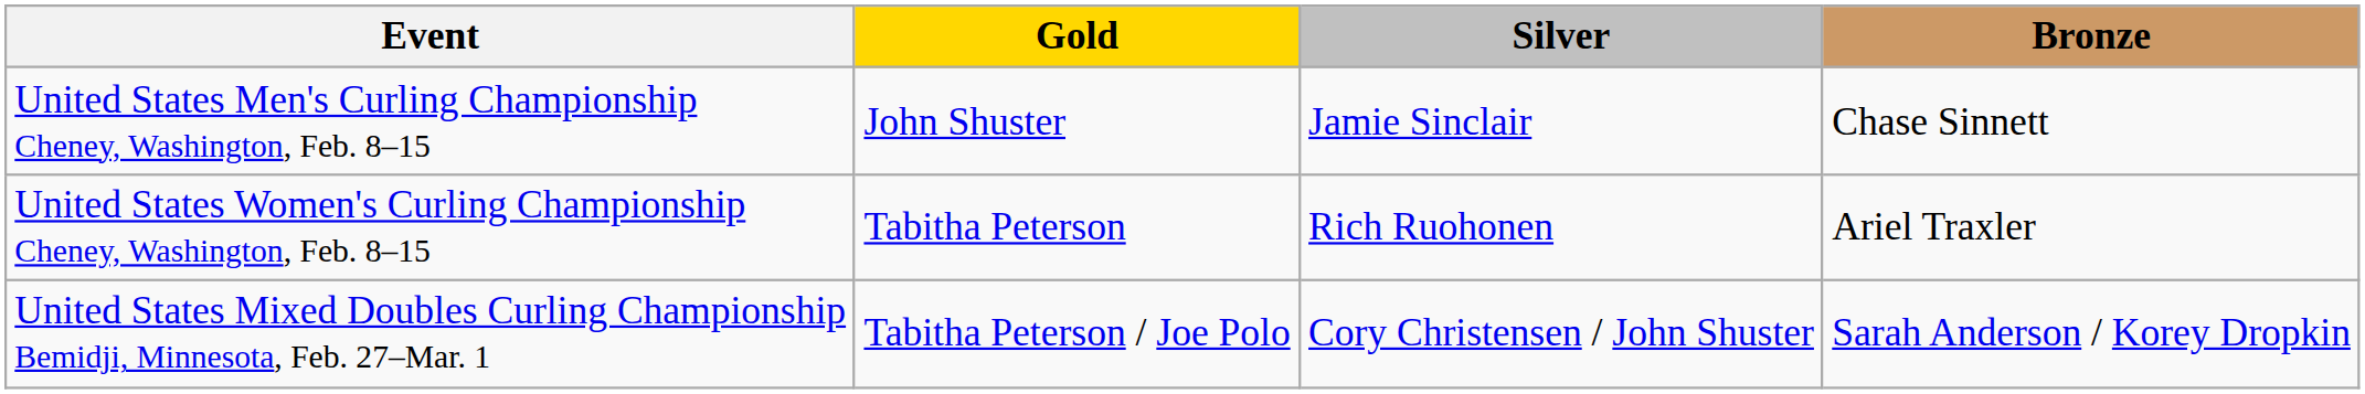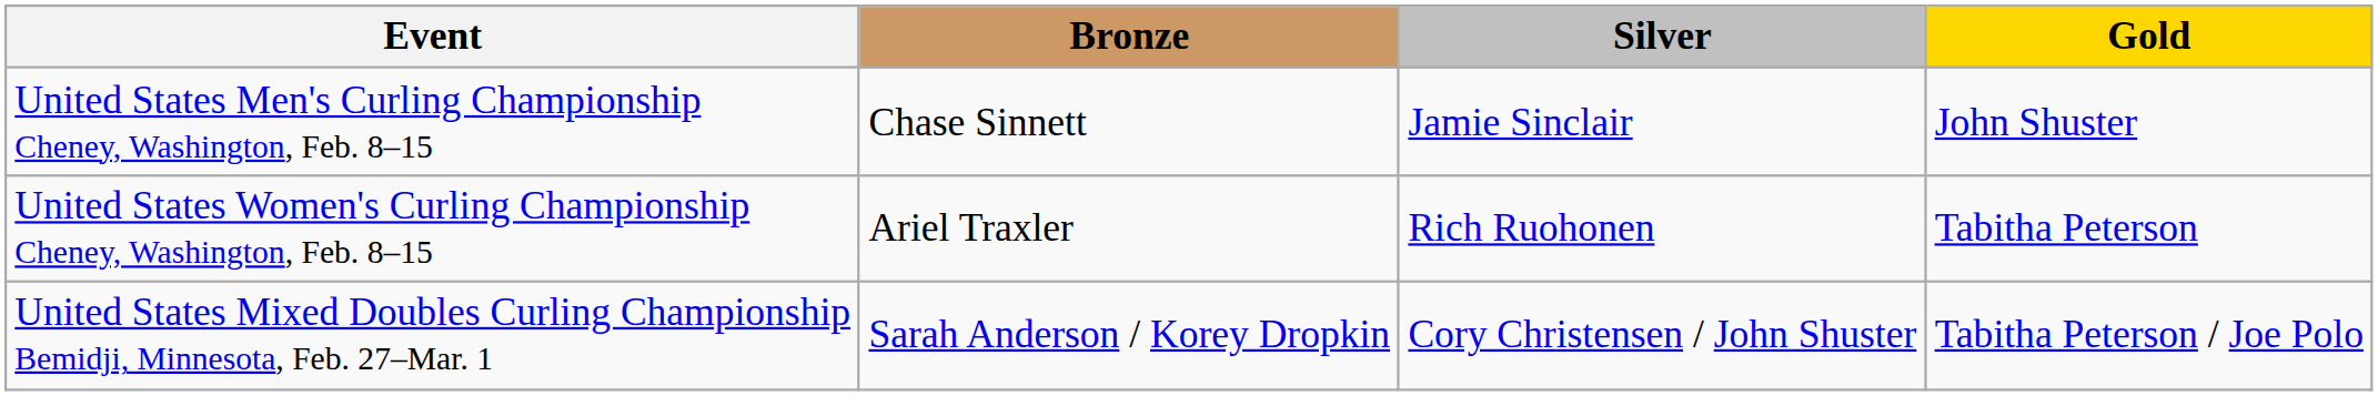 <table class="wikitable">
 <tr>
 <th>Event</th>
+<th style="background:#cc9966">Bronze</th>
+<th style="background:silver">Silver</th>
 <th style="background:gold">Gold</th>
-<th style="background:silver">Silver</th>
-<th style="background:#cc9966">Bronze</th>
 </tr>
 <tr>
 <td><a href='#'>United States Men's Curling Championship</a> <br> <small><a href='#'>Cheney, Washington</a>, Feb. 8–15</small></td>
+<td> Chase Sinnett</td>
+<td> <a href='#'>Jamie Sinclair</a></td>
 <td> <a href='#'>John Shuster</a></td>
-<td> <a href='#'>Jamie Sinclair</a></td>
-<td> Chase Sinnett</td>
 </tr>
 <tr>
 <td><a href='#'>United States Women's Curling Championship</a> <br> <small><a href='#'>Cheney, Washington</a>, Feb. 8–15</small></td>
+<td> Ariel Traxler</td>
+<td> <a href='#'>Rich Ruohonen</a></td>
 <td> <a href='#'>Tabitha Peterson</a></td>
-<td> <a href='#'>Rich Ruohonen</a></td>
-<td> Ariel Traxler</td>
 </tr>
 <tr>
 <td><a href='#'>United States Mixed Doubles Curling Championship</a> <br> <small><a href='#'>Bemidji, Minnesota</a>, Feb. 27–Mar. 1</small></td>
+<td> <a href='#'>Sarah Anderson</a> / <a href='#'>Korey Dropkin</a></td>
+<td> <a href='#'>Cory Christensen</a> / <a href='#'>John Shuster</a></td>
 <td> <a href='#'>Tabitha Peterson</a> / <a href='#'>Joe Polo</a></td>
-<td> <a href='#'>Cory Christensen</a> / <a href='#'>John Shuster</a></td>
-<td> <a href='#'>Sarah Anderson</a> / <a href='#'>Korey Dropkin</a></td>
 </tr>
 </table>
